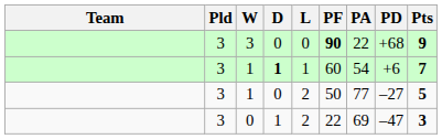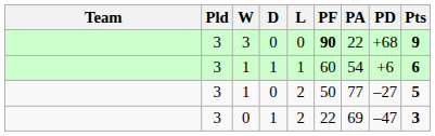 <table class="wikitable" style="text-align:center;">
 <tr>
 <th width="190">Team</th>
 <th width="20" abbr="Played">Pld</th>
 <th width="20" abbr="Won">W</th>
 <th width="20" abbr="Drawn">D</th>
 <th width="20" abbr="Lost">L</th>
 <th width="20" abbr="Points for">PF</th>
 <th width="20" abbr="Points against">PA</th>
 <th width="25" abbr="Points difference">PD</th>
 <th width="20" abbr="Points">Pts</th>
 </tr>
 <tr style="background:#ccffcc">
 <td align="left"></td>
 <td>3</td>
 <td>3</td>
 <td>0</td>
 <td>0</td>
 <td><strong>90</strong></td>
 <td>22</td>
 <td>+68</td>
 <td><strong>9</strong></td>
 </tr>
 <tr style="background:#ccffcc">
 <td align="left"></td>
 <td>3</td>
 <td>1</td>
-<td><strong>1</strong></td>
+<td>1</td>
 <td>1</td>
 <td>60</td>
 <td>54</td>
 <td>+6</td>
-<td><strong>7</strong></td>
+<td><strong>6</strong></td>
 </tr>
 <tr>
 <td align="left"></td>
 <td>3</td>
 <td>1</td>
 <td>0</td>
 <td>2</td>
 <td>50</td>
 <td>77</td>
 <td>–27</td>
 <td><strong>5</strong></td>
 </tr>
 <tr>
 <td align="left"></td>
 <td>3</td>
 <td>0</td>
 <td>1</td>
 <td>2</td>
 <td>22</td>
 <td>69</td>
 <td>–47</td>
 <td><strong>3</strong></td>
 </tr>
 </table>
